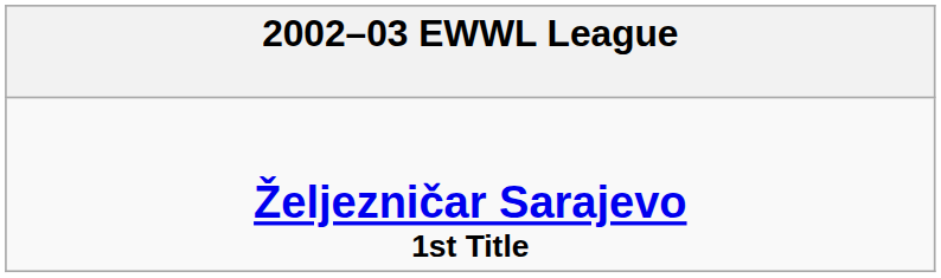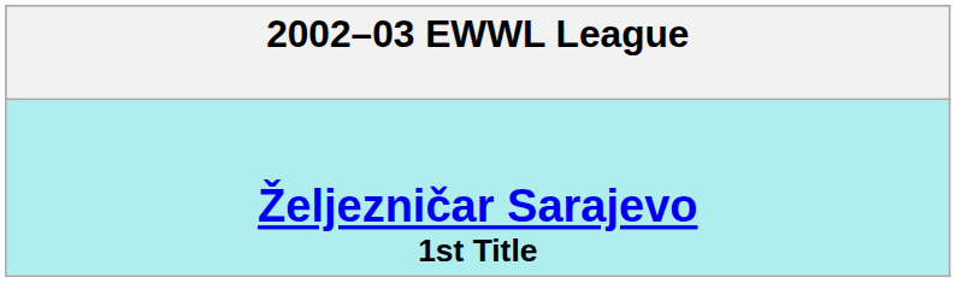 <table class="wikitable" style="margin: 0 auto; width: 30%;">
 <tr>
 <th><big>2002–03 EWWL League</big><br><br></th>
 </tr>
 <tr>
-<td align=center><br><br><big><big><strong><a href='#'>Željezničar Sarajevo</a></strong><br></big></big><strong>1st Title</strong></td>
+<td align=center style="background: paleturquoise;"><br><br><big><big><strong><a href='#'>Željezničar Sarajevo</a></strong><br></big></big><strong>1st Title</strong></td>
 </tr>
 </table>
